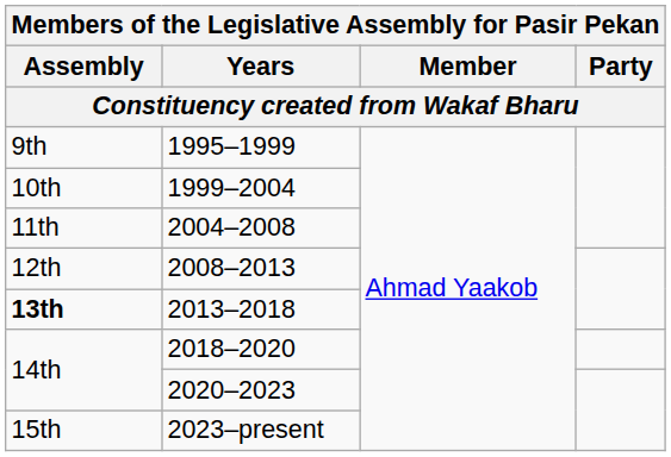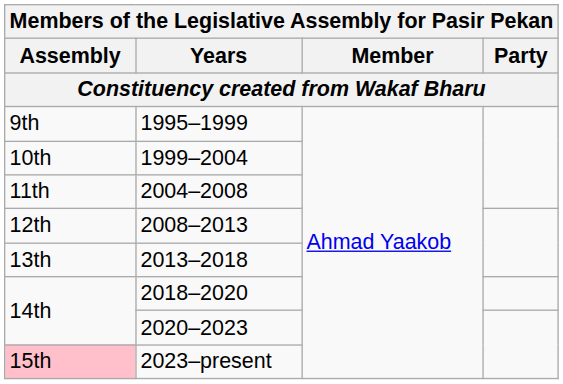 <table class=wikitable>
 <tr>
 <th colspan=4>Members of the Legislative Assembly for Pasir Pekan</th>
 </tr>
 <tr>
 <th>Assembly</th>
 <th>Years</th>
 <th>Member</th>
 <th>Party</th>
 </tr>
 <tr>
 <th colspan=4 align=center><em>Constituency created from Wakaf Bharu</em></th>
 </tr>
 <tr>
 <td>9th</td>
 <td>1995–1999</td>
 <td rowspan="9"><a href='#'>Ahmad Yaakob</a></td>
 <td rowspan=3></td>
 </tr>
 <tr>
 <td>10th</td>
 <td>1999–2004</td>
 </tr>
 <tr>
 <td>11th</td>
 <td>2004–2008</td>
 </tr>
 <tr>
 <td>12th</td>
 <td>2008–2013</td>
 <td rowspan=2></td>
 </tr>
 <tr>
-<td><strong>13th</strong></td>
+<td>13th</td>
 <td>2013–2018</td>
 </tr>
 <tr>
 <td rowspan="2">14th</td>
 <td>2018–2020</td>
 <td></td>
 </tr>
 <tr>
 <td>2020–2023</td>
 <td rowspan="2"></td>
 </tr>
 <tr>
-<td>15th</td>
+<td style="background: pink;">15th</td>
 <td>2023–present</td>
 </tr>
 </table>
